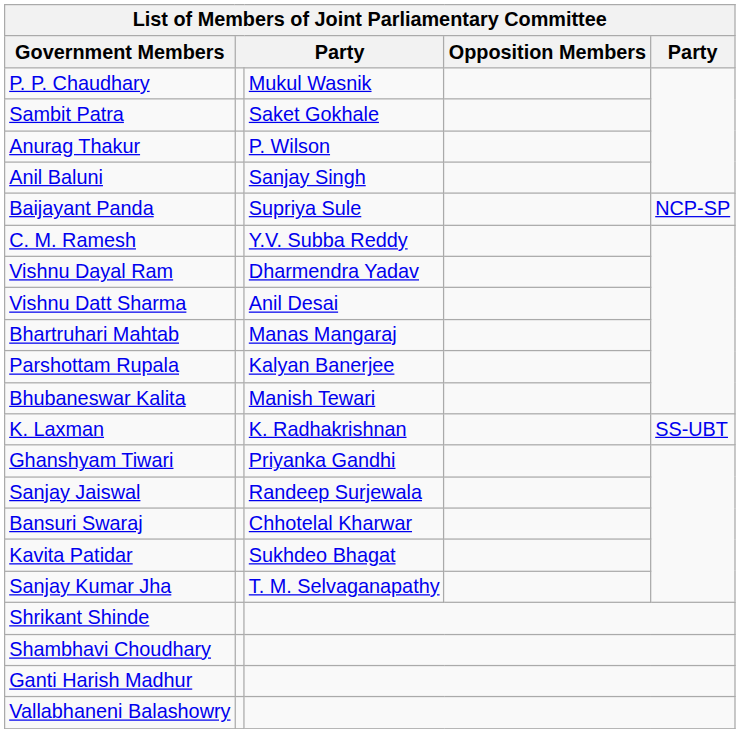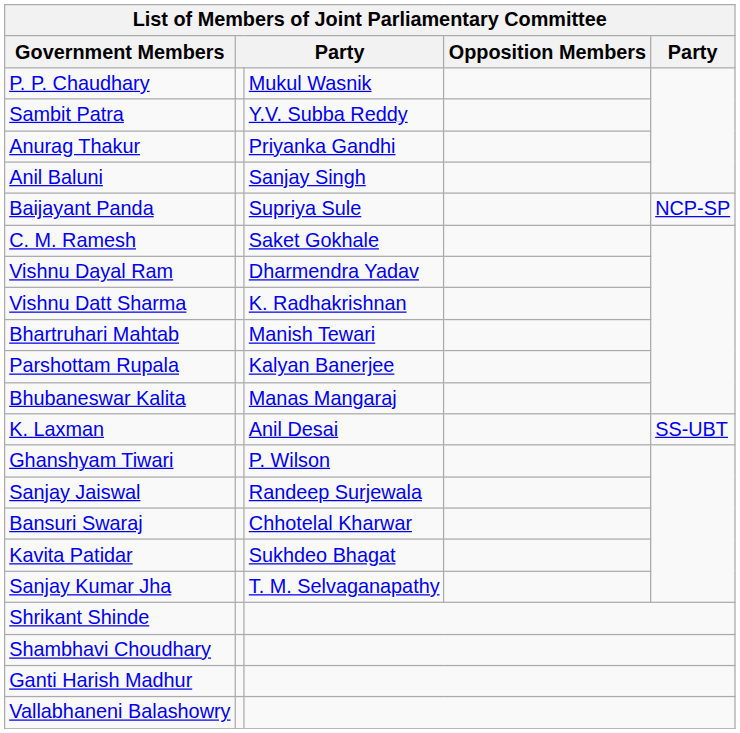 <table class="wikitable">
 <tr>
 <th colspan="6">List of Members of Joint Parliamentary Committee</th>
 </tr>
 <tr>
 <th>Government Members</th>
 <th colspan="2">Party</th>
 <th>Opposition Members</th>
 <th colspan="2">Party</th>
 </tr>
 <tr>
 <td><a href='#'>P. P. Chaudhary</a></td>
 <td></td>
 <td><a href='#'>Mukul Wasnik</a></td>
 <td></td>
 </tr>
 <tr>
 <td><a href='#'>Sambit Patra</a></td>
 <td></td>
-<td><a href='#'>Saket Gokhale</a></td>
+<td><a href='#'>Y.V. Subba Reddy</a></td>
 <td></td>
 </tr>
 <tr>
 <td><a href='#'>Anurag Thakur</a></td>
 <td></td>
-<td><a href='#'>P. Wilson</a></td>
+<td><a href='#'>Priyanka Gandhi</a></td>
 <td></td>
 </tr>
 <tr>
 <td><a href='#'>Anil Baluni</a></td>
 <td></td>
 <td><a href='#'>Sanjay Singh</a></td>
 <td></td>
 </tr>
 <tr>
 <td><a href='#'>Baijayant Panda</a></td>
 <td></td>
 <td><a href='#'>Supriya Sule</a></td>
 <td style="background-color: "></td>
 <td><a href='#'>NCP-SP</a></td>
 </tr>
 <tr>
 <td><a href='#'>C. M. Ramesh</a></td>
 <td></td>
-<td><a href='#'>Y.V. Subba Reddy</a></td>
+<td><a href='#'>Saket Gokhale</a></td>
 <td></td>
 </tr>
 <tr>
 <td><a href='#'>Vishnu Dayal Ram</a></td>
 <td></td>
 <td><a href='#'>Dharmendra Yadav</a></td>
 <td></td>
 </tr>
 <tr>
 <td><a href='#'>Vishnu Datt Sharma</a></td>
 <td></td>
-<td><a href='#'>Anil Desai</a></td>
+<td><a href='#'>K. Radhakrishnan</a></td>
 <td></td>
 </tr>
 <tr>
 <td><a href='#'>Bhartruhari Mahtab</a></td>
 <td></td>
-<td><a href='#'>Manas Mangaraj</a></td>
+<td><a href='#'>Manish Tewari</a></td>
 <td></td>
 </tr>
 <tr>
 <td><a href='#'>Parshottam Rupala</a></td>
 <td></td>
 <td><a href='#'>Kalyan Banerjee</a></td>
 <td></td>
 </tr>
 <tr>
 <td><a href='#'>Bhubaneswar Kalita</a></td>
 <td></td>
-<td><a href='#'>Manish Tewari</a></td>
+<td><a href='#'>Manas Mangaraj</a></td>
 <td></td>
 </tr>
 <tr>
 <td><a href='#'>K. Laxman</a></td>
 <td></td>
-<td><a href='#'>K. Radhakrishnan</a></td>
+<td><a href='#'>Anil Desai</a></td>
 <td style="background-color: "></td>
 <td><a href='#'>SS-UBT</a></td>
 </tr>
 <tr>
 <td><a href='#'>Ghanshyam Tiwari</a></td>
 <td></td>
-<td><a href='#'>Priyanka Gandhi</a></td>
+<td><a href='#'>P. Wilson</a></td>
 <td></td>
 </tr>
 <tr>
 <td><a href='#'>Sanjay Jaiswal</a></td>
 <td></td>
 <td><a href='#'>Randeep Surjewala</a></td>
 <td></td>
 </tr>
 <tr>
 <td><a href='#'>Bansuri Swaraj</a></td>
 <td></td>
 <td><a href='#'>Chhotelal Kharwar</a></td>
 <td></td>
 </tr>
 <tr>
 <td><a href='#'>Kavita Patidar</a></td>
 <td></td>
 <td><a href='#'>Sukhdeo Bhagat</a></td>
 <td></td>
 </tr>
 <tr>
 <td><a href='#'>Sanjay Kumar Jha</a></td>
 <td></td>
 <td><a href='#'>T. M. Selvaganapathy</a></td>
 <td></td>
 </tr>
 <tr>
 <td><a href='#'>Shrikant Shinde</a></td>
 <td></td>
 <td colspan="3"></td>
 </tr>
 <tr>
 <td><a href='#'>Shambhavi Choudhary</a></td>
 <td></td>
 <td colspan="3"></td>
 </tr>
 <tr>
 <td><a href='#'>Ganti Harish Madhur</a></td>
 <td></td>
 <td colspan="3"></td>
 </tr>
 <tr>
 <td><a href='#'>Vallabhaneni Balashowry</a></td>
 <td></td>
 <td colspan="3"></td>
 </tr>
 </table>
